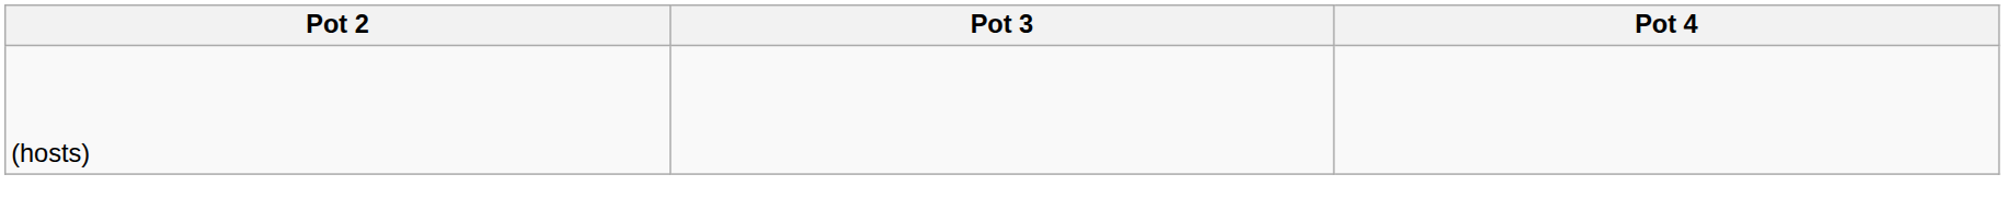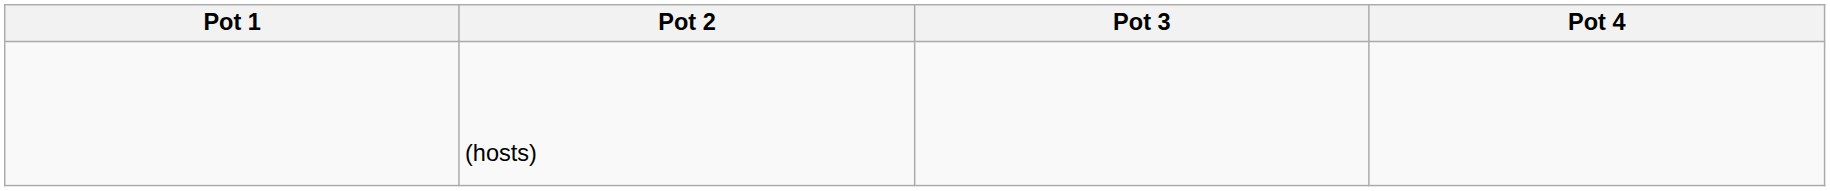 <table class="wikitable" width=98%>
 <tr>
+<th width=20%>Pot 1</th>
 <th width=20%>Pot 2</th>
 <th width=20%>Pot 3</th>
 <th width=20%>Pot 4</th>
 </tr>
 <tr>
+<td><br><br> <br> <br> <br></td>
 <td><br><br> <br>  (hosts)<br> </td>
 <td><br><br> <br> <br> </td>
 <td><br><br> <br> <br> </td>
 </tr>
 </table>
